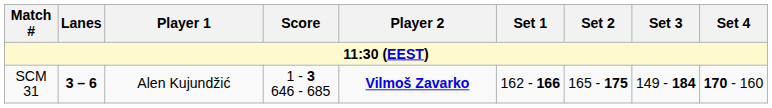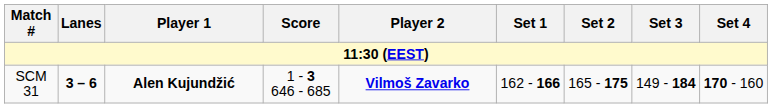 <table class="wikitable">
 <tr>
 <th width="7%">Match #</th>
 <th width="5%">Lanes</th>
 <th width="21%">Player 1</th>
 <th width="10%">Score</th>
 <th width="21%">Player 2</th>
 <th width="9%">Set 1</th>
 <th width="9%">Set 2</th>
 <th width="9%">Set 3</th>
 <th width="9%">Set 4</th>
 </tr>
 <tr>
 <td colspan="9" style="text-align:center; background-color:#FFFACD"><strong>11:30 (<a href='#'>EEST</a>)</strong></td>
 </tr>
 <tr style=text-align:center;"background:#;">
 <td>SCM 31</td>
 <td><strong>3 – 6</strong></td>
-<td> Alen Kujundžić</td>
+<td><strong> Alen Kujundžić</strong></td>
 <td>1 - <strong>3</strong> <br> 646 - 685</td>
 <td> <strong><a href='#'>Vilmoš Zavarko</a></strong></td>
 <td>162 - <strong>166</strong></td>
 <td>165 - <strong>175</strong></td>
 <td>149 - <strong>184</strong></td>
 <td><strong>170</strong> - 160</td>
 </tr>
 </table>
